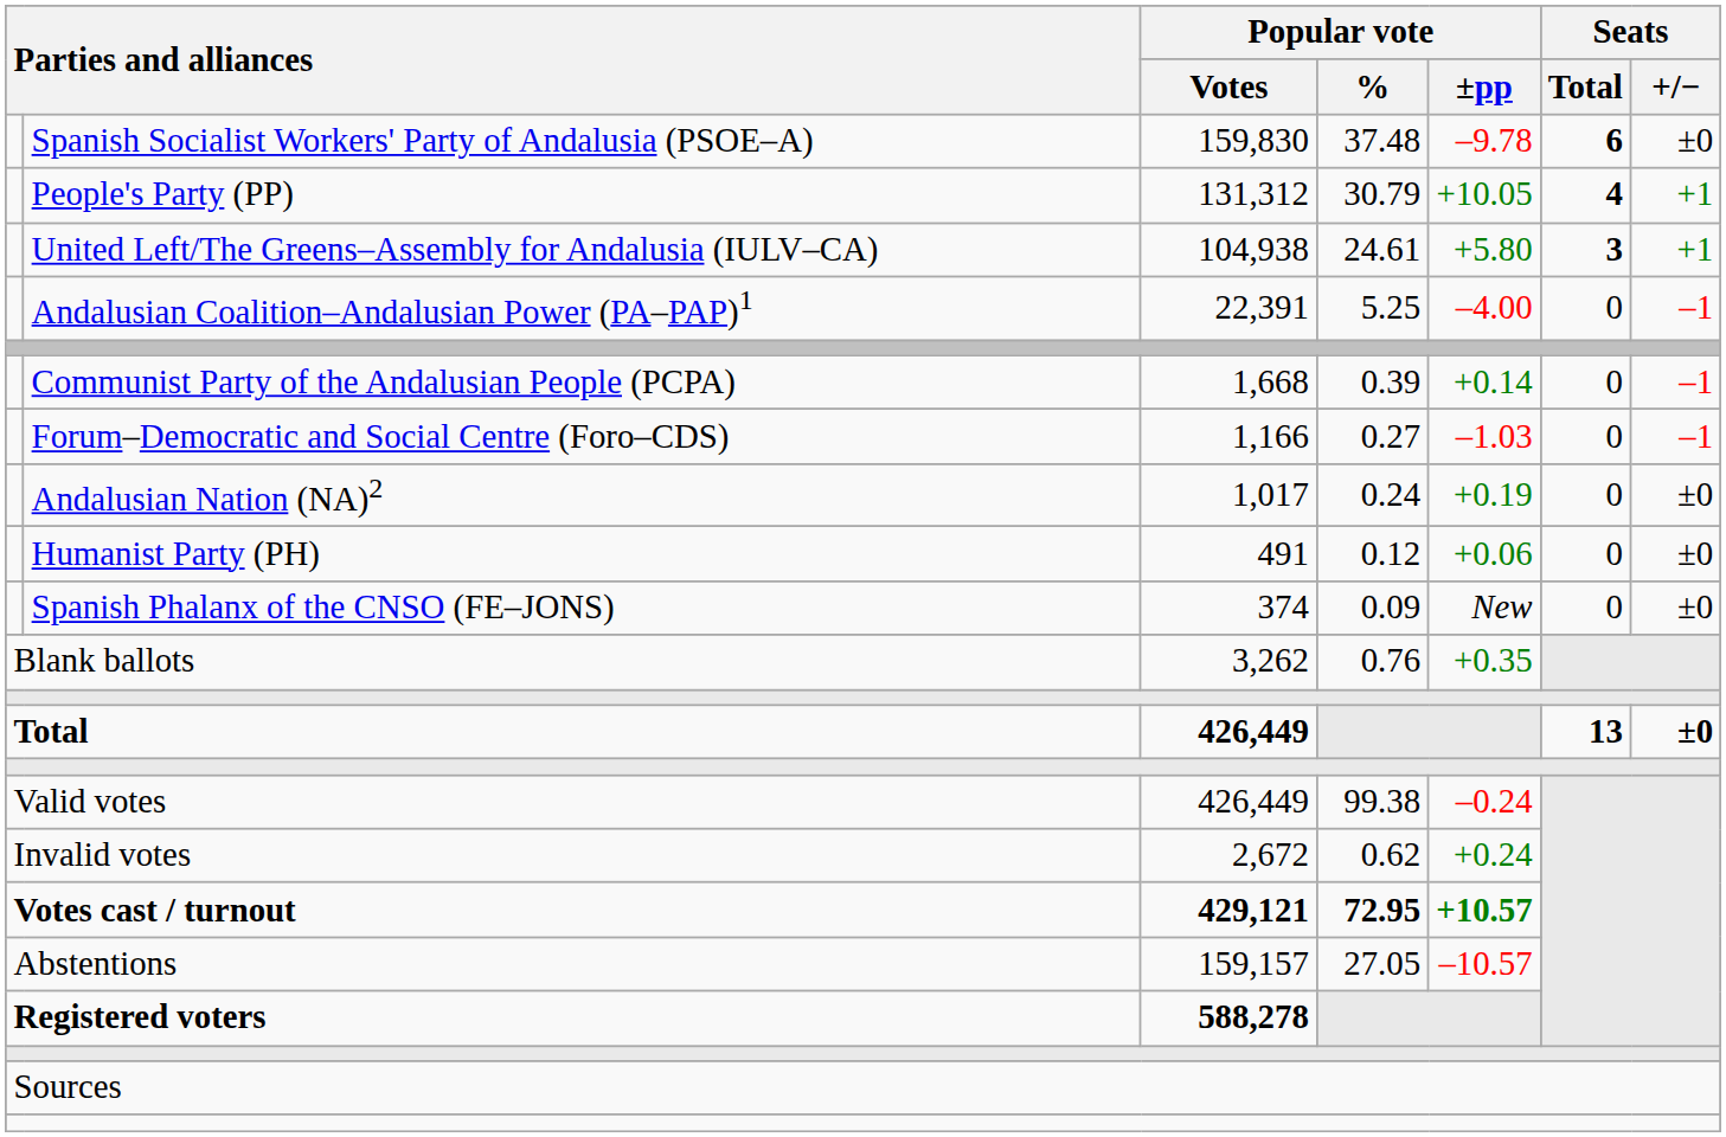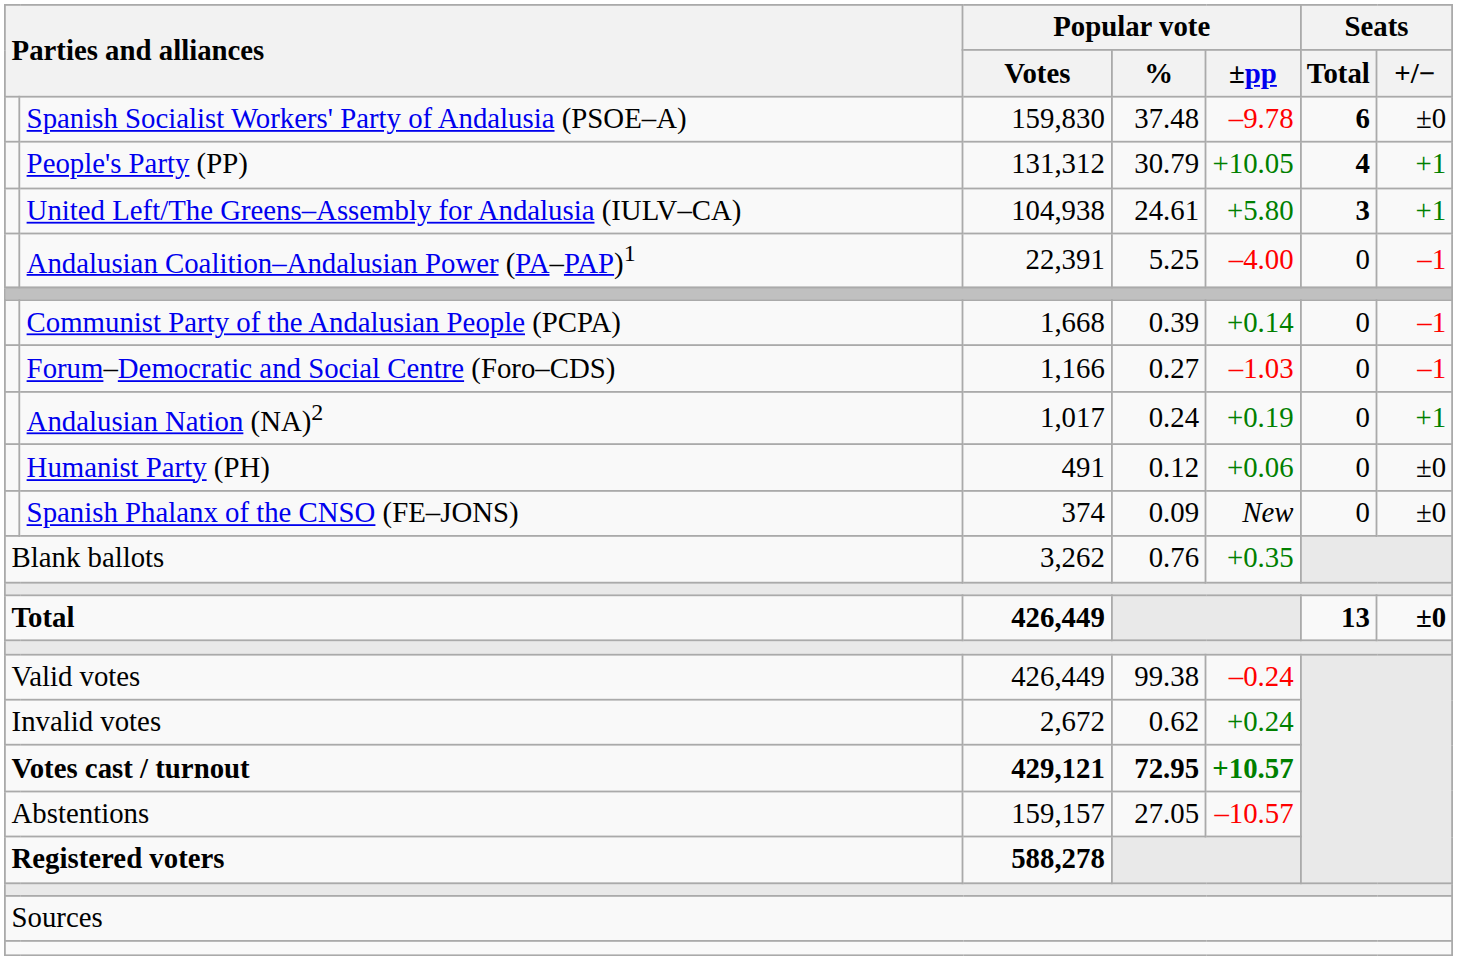 <table class="wikitable" style="text-align:right;">
 <tr>
 <th style="text-align:left;" rowspan="2" colspan="2" width="525">Parties and alliances</th>
 <th colspan="3">Popular vote</th>
 <th colspan="2">Seats</th>
 </tr>
 <tr>
 <th width="75">Votes</th>
 <th width="45">%</th>
 <th width="45">±<a href='#'>pp</a></th>
 <th width="35">Total</th>
 <th width="35">+/−</th>
 </tr>
 <tr>
 <td width="1" style="color:inherit;background:"></td>
 <td align="left"><a href='#'>Spanish Socialist Workers' Party of Andalusia</a> (PSOE–A)</td>
 <td>159,830</td>
 <td>37.48</td>
 <td style="color:red;">–9.78</td>
 <td><strong>6</strong></td>
 <td>±0</td>
 </tr>
 <tr>
 <td style="color:inherit;background:"></td>
 <td align="left"><a href='#'>People's Party</a> (PP)</td>
 <td>131,312</td>
 <td>30.79</td>
 <td style="color:green;">+10.05</td>
 <td><strong>4</strong></td>
 <td style="color:green;">+1</td>
 </tr>
 <tr>
 <td style="color:inherit;background:"></td>
 <td align="left"><a href='#'>United Left/The Greens–Assembly for Andalusia</a> (IULV–CA)</td>
 <td>104,938</td>
 <td>24.61</td>
 <td style="color:green;">+5.80</td>
 <td><strong>3</strong></td>
 <td style="color:green;">+1</td>
 </tr>
 <tr>
 <td style="color:inherit;background:"></td>
 <td align="left"><a href='#'>Andalusian Coalition–Andalusian Power</a> (<a href='#'>PA</a>–<a href='#'>PAP</a>)<sup>1</sup></td>
 <td>22,391</td>
 <td>5.25</td>
 <td style="color:red;">–4.00</td>
 <td>0</td>
 <td style="color:red;">–1</td>
 </tr>
 <tr>
 <td colspan="7" bgcolor="#C0C0C0"></td>
 </tr>
 <tr>
 <td style="color:inherit;background:"></td>
 <td align="left"><a href='#'>Communist Party of the Andalusian People</a> (PCPA)</td>
 <td>1,668</td>
 <td>0.39</td>
 <td style="color:green;">+0.14</td>
 <td>0</td>
 <td style="color:red;">–1</td>
 </tr>
 <tr>
 <td style="color:inherit;background:"></td>
 <td align="left"><a href='#'>Forum</a>–<a href='#'>Democratic and Social Centre</a> (Foro–CDS)</td>
 <td>1,166</td>
 <td>0.27</td>
 <td style="color:red;">–1.03</td>
 <td>0</td>
 <td style="color:red;">–1</td>
 </tr>
 <tr>
 <td style="color:inherit;background:"></td>
 <td align="left"><a href='#'>Andalusian Nation</a> (NA)<sup>2</sup></td>
 <td>1,017</td>
 <td>0.24</td>
 <td style="color:green;">+0.19</td>
 <td>0</td>
-<td>±0</td>
+<td style="color:green;">+1</td>
 </tr>
 <tr>
 <td style="color:inherit;background:"></td>
 <td align="left"><a href='#'>Humanist Party</a> (PH)</td>
 <td>491</td>
 <td>0.12</td>
 <td style="color:green;">+0.06</td>
 <td>0</td>
 <td>±0</td>
 </tr>
 <tr>
 <td style="color:inherit;background:"></td>
 <td align="left"><a href='#'>Spanish Phalanx of the CNSO</a> (FE–JONS)</td>
 <td>374</td>
 <td>0.09</td>
 <td><em>New</em></td>
 <td>0</td>
 <td>±0</td>
 </tr>
 <tr>
 <td align="left" colspan="2">Blank ballots</td>
 <td>3,262</td>
 <td>0.76</td>
 <td style="color:green;">+0.35</td>
 <td bgcolor="#E9E9E9" colspan="2"></td>
 </tr>
 <tr>
 <td colspan="7" bgcolor="#E9E9E9"></td>
 </tr>
 <tr style="font-weight:bold;">
 <td align="left" colspan="2">Total</td>
 <td>426,449</td>
 <td bgcolor="#E9E9E9" colspan="2"></td>
 <td>13</td>
 <td>±0</td>
 </tr>
 <tr>
 <td colspan="7" bgcolor="#E9E9E9"></td>
 </tr>
 <tr>
 <td align="left" colspan="2">Valid votes</td>
 <td>426,449</td>
 <td>99.38</td>
 <td style="color:red;">–0.24</td>
 <td bgcolor="#E9E9E9" colspan="2" rowspan="5"></td>
 </tr>
 <tr>
 <td align="left" colspan="2">Invalid votes</td>
 <td>2,672</td>
 <td>0.62</td>
 <td style="color:green;">+0.24</td>
 </tr>
 <tr style="font-weight:bold;">
 <td align="left" colspan="2">Votes cast / turnout</td>
 <td>429,121</td>
 <td>72.95</td>
 <td style="color:green;">+10.57</td>
 </tr>
 <tr>
 <td align="left" colspan="2">Abstentions</td>
 <td>159,157</td>
 <td>27.05</td>
 <td style="color:red;">–10.57</td>
 </tr>
 <tr style="font-weight:bold;">
 <td align="left" colspan="2">Registered voters</td>
 <td>588,278</td>
 <td bgcolor="#E9E9E9" colspan="2"></td>
 </tr>
 <tr>
 <td colspan="7" bgcolor="#E9E9E9"></td>
 </tr>
 <tr>
 <td align="left" colspan="7">Sources</td>
 </tr>
 <tr>
 <td colspan="7" style="text-align:left; max-width:790px;"></td>
 </tr>
 </table>
